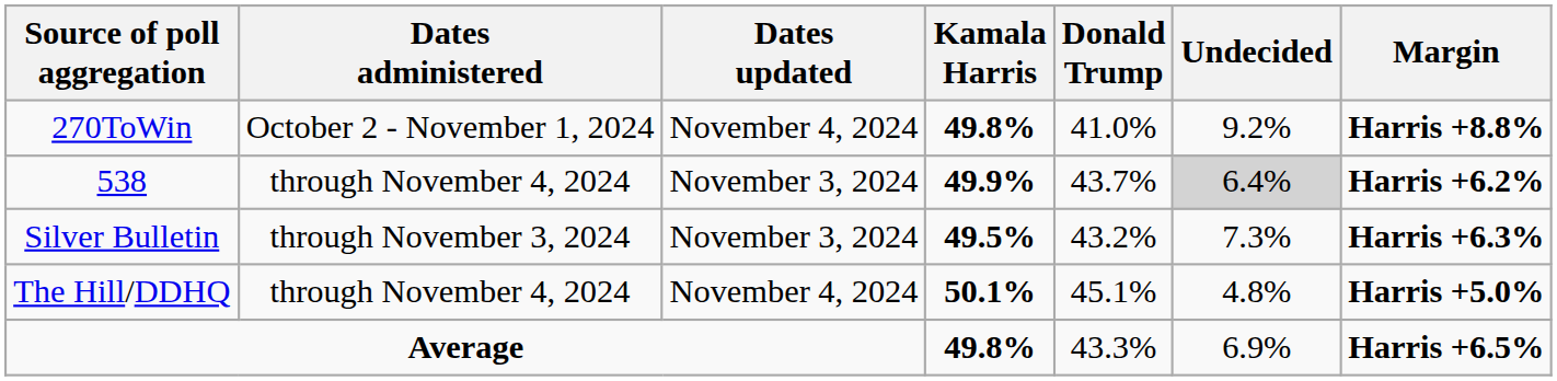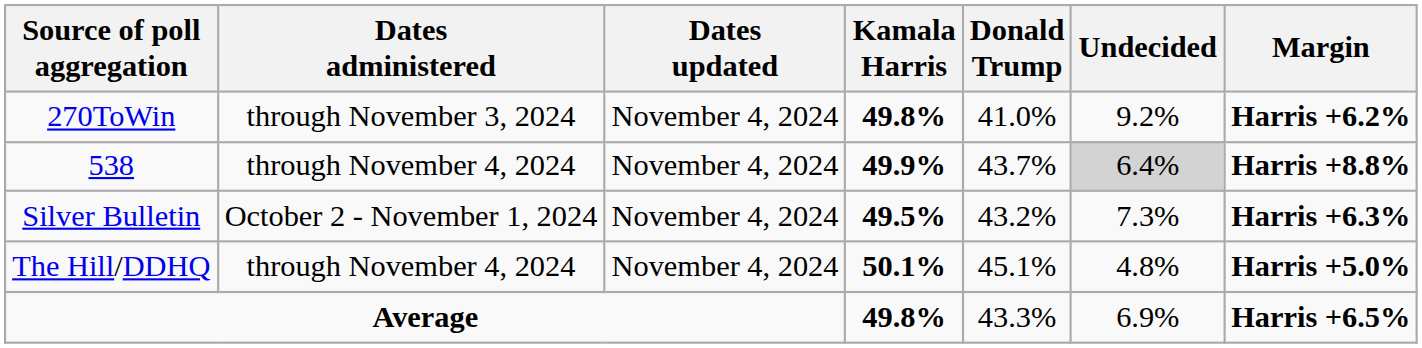 <table class="wikitable sortable" style="text-align:center;font-size:90%;line-height:17px">
 <tr>
 <th>Source of poll<br>aggregation</th>
 <th>Dates<br>administered</th>
 <th>Dates<br>updated</th>
 <th class="unsortable">Kamala<br>Harris<br><small></small></th>
 <th class="unsortable">Donald<br>Trump<br><small></small></th>
 <th>Undecided<br></th>
 <th>Margin</th>
 </tr>
 <tr>
 <td><a href='#'>270ToWin</a></td>
-<td>October 2 - November 1, 2024</td>
+<td>through November 3, 2024</td>
 <td>November 4, 2024</td>
 <td style="color:black;background-color:"><strong>49.8%</strong></td>
 <td>41.0%</td>
 <td>9.2%</td>
-<td style="color:black;background-color:"><strong>Harris +8.8%</strong></td>
+<td style="color:black;background-color:"><strong>Harris +6.2%</strong></td>
 </tr>
 <tr>
 <td><a href='#'>538</a></td>
 <td>through November 4, 2024</td>
-<td>November 3, 2024</td>
+<td>November 4, 2024</td>
 <td style="color:black;background-color:"><strong>49.9%</strong></td>
 <td>43.7%</td>
 <td style="background: lightgrey;">6.4%</td>
-<td style="color:black;background-color:"><strong>Harris +6.2%</strong></td>
+<td style="color:black;background-color:"><strong>Harris +8.8%</strong></td>
 </tr>
 <tr>
 <td><a href='#'>Silver Bulletin</a></td>
-<td>through November 3, 2024</td>
-<td>November 3, 2024</td>
+<td>October 2 - November 1, 2024</td>
+<td>November 4, 2024</td>
 <td style="color:black;background-color:"><strong>49.5%</strong></td>
 <td>43.2%</td>
 <td>7.3%</td>
 <td style="color:black;background-color:"><strong>Harris +6.3%</strong></td>
 </tr>
 <tr>
 <td><a href='#'>The Hill</a>/<a href='#'>DDHQ</a></td>
 <td>through November 4, 2024</td>
 <td>November 4, 2024</td>
 <td style="color:black;background-color:"><strong>50.1%</strong></td>
 <td>45.1%</td>
 <td>4.8%</td>
 <td style="color:black;background-color:"><strong>Harris +5.0%</strong></td>
 </tr>
 <tr>
 <td colspan="3"><strong>Average</strong></td>
 <td style="color:black;background-color:"><strong>49.8%</strong></td>
 <td>43.3%</td>
 <td>6.9%</td>
 <td style="color:black;background-color:"><strong>Harris +6.5%</strong></td>
 </tr>
 </table>
